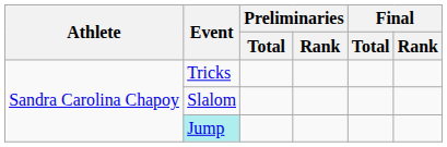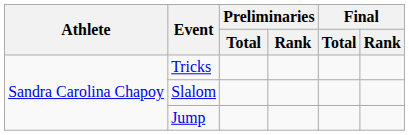 <table class="wikitable" border="1">
 <tr>
 <th rowspan=2>Athlete</th>
 <th rowspan=2>Event</th>
 <th colspan=2>Preliminaries</th>
 <th colspan=2>Final</th>
 </tr>
 <tr>
 <th>Total</th>
 <th>Rank</th>
 <th>Total</th>
 <th>Rank</th>
 </tr>
 <tr>
 <td rowspan=3><a href='#'>Sandra Carolina Chapoy</a></td>
 <td><a href='#'>Tricks</a></td>
 <td align=center></td>
 <td align=center></td>
 <td align=center></td>
 <td align=center></td>
 </tr>
 <tr>
 <td><a href='#'>Slalom</a></td>
 <td align=center></td>
 <td align=center></td>
 <td align=center></td>
 <td align=center></td>
 </tr>
 <tr>
-<td style="background: paleturquoise;"><a href='#'>Jump</a></td>
+<td><a href='#'>Jump</a></td>
 <td align=center></td>
 <td align=center></td>
 <td align=center></td>
 <td align=center></td>
 </tr>
 </table>
